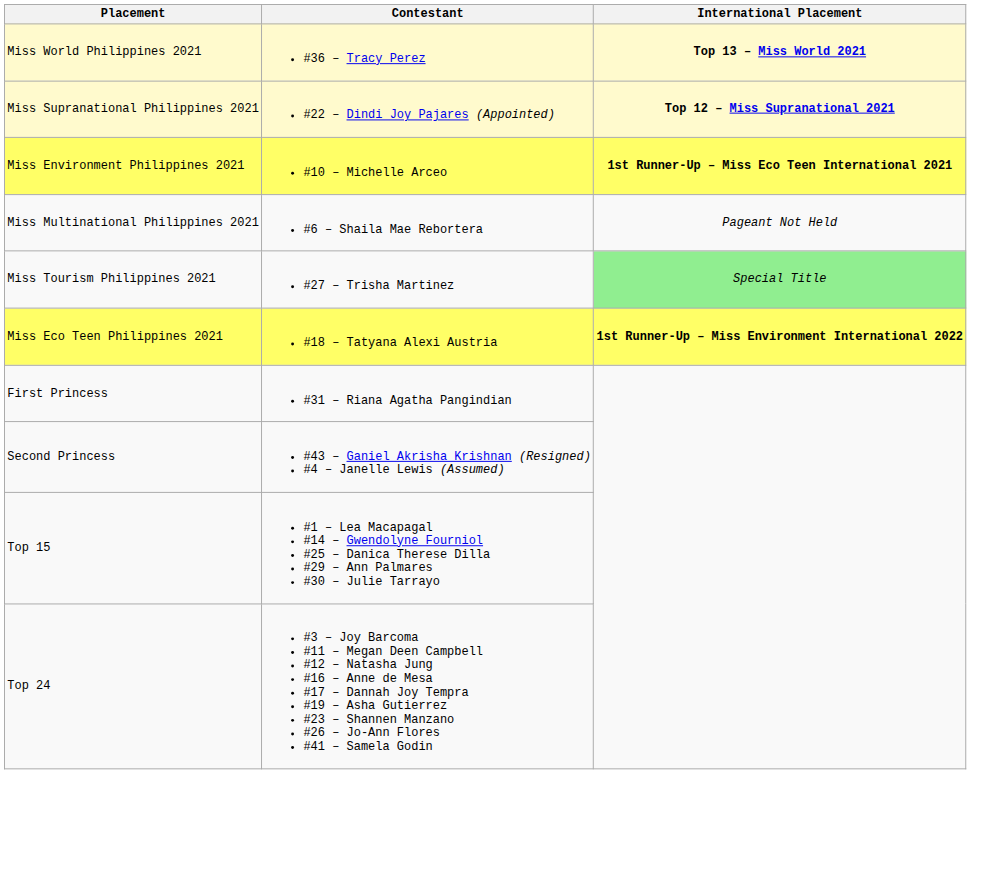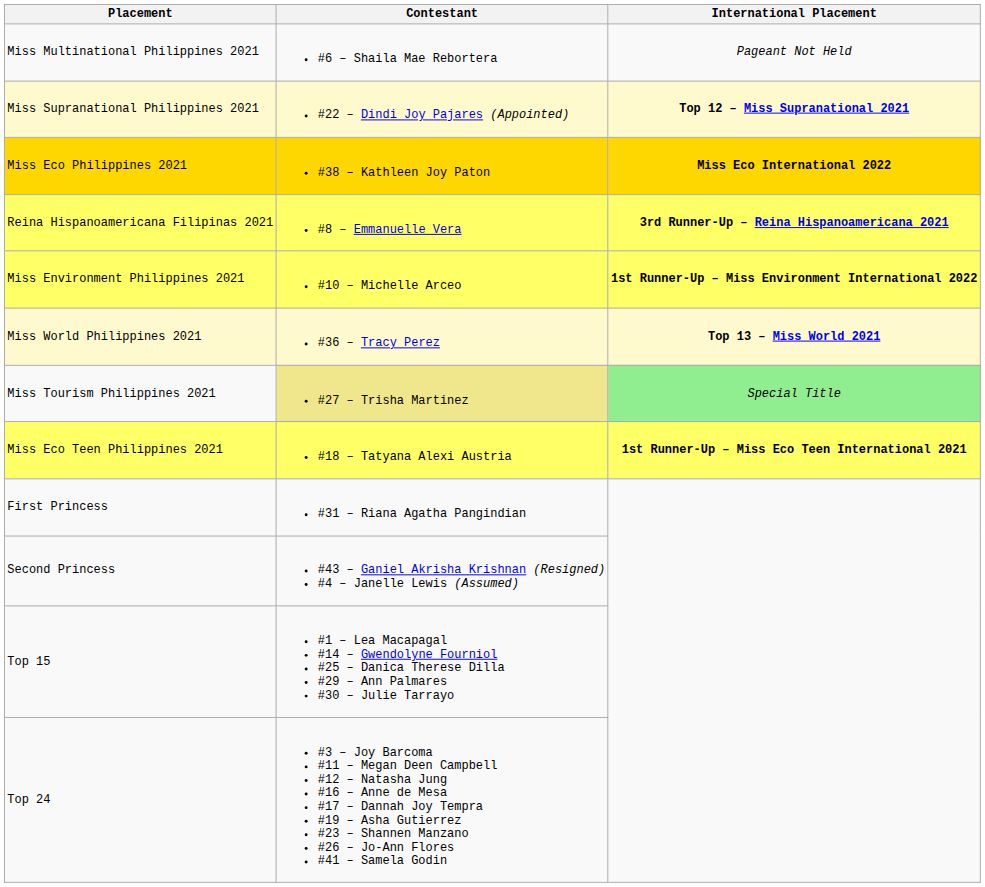 <table class="wikitable sortable" style="font-size:95%;">
 <tr>
 <th>Placement</th>
 <th>Contestant</th>
 <th>International Placement</th>
 </tr>
 <tr>
-<td style="background:#FFFACD;">Miss World Philippines 2021</td>
-<td style="background:#FFFACD;"><br><ul><li>#36 – <a href='#'>Tracy Perez</a></li></ul></td>
-<th style="background:#FFFACD;">Top 13 – <a href='#'>Miss World 2021</a></th>
+<td>Miss Multinational Philippines 2021</td>
+<td><br><ul><li>#6 – Shaila Mae Rebortera</li></ul></td>
+<td align=center><em>Pageant Not Held</em></td>
 </tr>
 <tr>
 <td style="background:#FFFACD;">Miss Supranational Philippines 2021</td>
 <td style="background:#FFFACD;"><br><ul><li>#22 – <a href='#'>Dindi Joy Pajares</a> <em>(Appointed)</em></li></ul></td>
 <th style="background:#FFFACD;">Top 12 – <a href='#'>Miss Supranational 2021</a></th>
 </tr>
+<tr>
+<td style="background:gold;">Miss Eco Philippines 2021</td>
+<td style="background:gold;"><br><ul><li>#38 – Kathleen Joy Paton</li></ul></td>
+<th style="background:gold;">Miss Eco International 2022</th>
+</tr>
+<tr>
+<td style="background:#FFFF66">Reina Hispanoamericana Filipinas 2021</td>
+<td style="background:#FFFF66"><br><ul><li>#8 – <a href='#'>Emmanuelle Vera</a></li></ul></td>
+<th style="background:#FFFF66">3rd Runner-Up – <a href='#'>Reina Hispanoamericana 2021</a></th>
+</tr>
 <tr bgcolor=#FFFF66>
 <td>Miss Environment Philippines 2021</td>
 <td><br><ul><li>#10 – Michelle Arceo</li></ul></td>
-<td align=center><strong>1st Runner-Up – Miss Eco Teen International 2021</strong></td>
+<td align=center><strong>1st Runner-Up – Miss Environment International 2022</strong></td>
 </tr>
 <tr>
-<td>Miss Multinational Philippines 2021</td>
-<td><br><ul><li>#6 – Shaila Mae Rebortera</li></ul></td>
-<td align=center><em>Pageant Not Held</em></td>
+<td style="background:#FFFACD;">Miss World Philippines 2021</td>
+<td style="background:#FFFACD;"><br><ul><li>#36 – <a href='#'>Tracy Perez</a></li></ul></td>
+<th style="background:#FFFACD;">Top 13 – <a href='#'>Miss World 2021</a></th>
 </tr>
 <tr>
 <td>Miss Tourism Philippines 2021</td>
-<td><br><ul><li>#27 – Trisha Martinez</li></ul></td>
+<td style="background: khaki;"><br><ul><li>#27 – Trisha Martinez</li></ul></td>
 <td align=center style="background: lightgreen;"><em>Special Title</em></td>
 </tr>
 <tr bgcolor=#FFFF66>
 <td>Miss Eco Teen Philippines 2021</td>
 <td><br><ul><li>#18 – Tatyana Alexi Austria</li></ul></td>
-<td align=center><strong>1st Runner-Up – Miss Environment International 2022</strong></td>
+<td align=center><strong>1st Runner-Up – Miss Eco Teen International 2021</strong></td>
 </tr>
 <tr>
 <td>First Princess</td>
 <td><br><ul><li>#31 – Riana Agatha Pangindian</li></ul></td>
 </tr>
 <tr>
 <td>Second Princess</td>
 <td><br><ul><li>#43 – <a href='#'>Ganiel Akrisha Krishnan</a> <em>(Resigned)</em></li><li>#4 – Janelle Lewis <em>(Assumed)</em></li></ul></td>
 </tr>
 <tr>
 <td>Top 15</td>
 <td><br><ul><li>#1 – Lea Macapagal</li><li>#14 – <a href='#'>Gwendolyne Fourniol</a></li><li>#25 – Danica Therese Dilla</li><li>#29 – Ann Palmares</li><li>#30 – Julie Tarrayo</li></ul></td>
 </tr>
 <tr>
 <td>Top 24</td>
 <td><br><ul><li>#3 – Joy Barcoma</li><li>#11 – Megan Deen Campbell</li><li>#12 – Natasha Jung</li><li>#16 – Anne de Mesa</li><li>#17 – Dannah Joy Tempra</li><li>#19 – Asha Gutierrez</li><li>#23 – Shannen Manzano</li><li>#26 – Jo-Ann Flores</li><li>#41 – Samela Godin</li></ul></td>
 </tr>
 </table>
